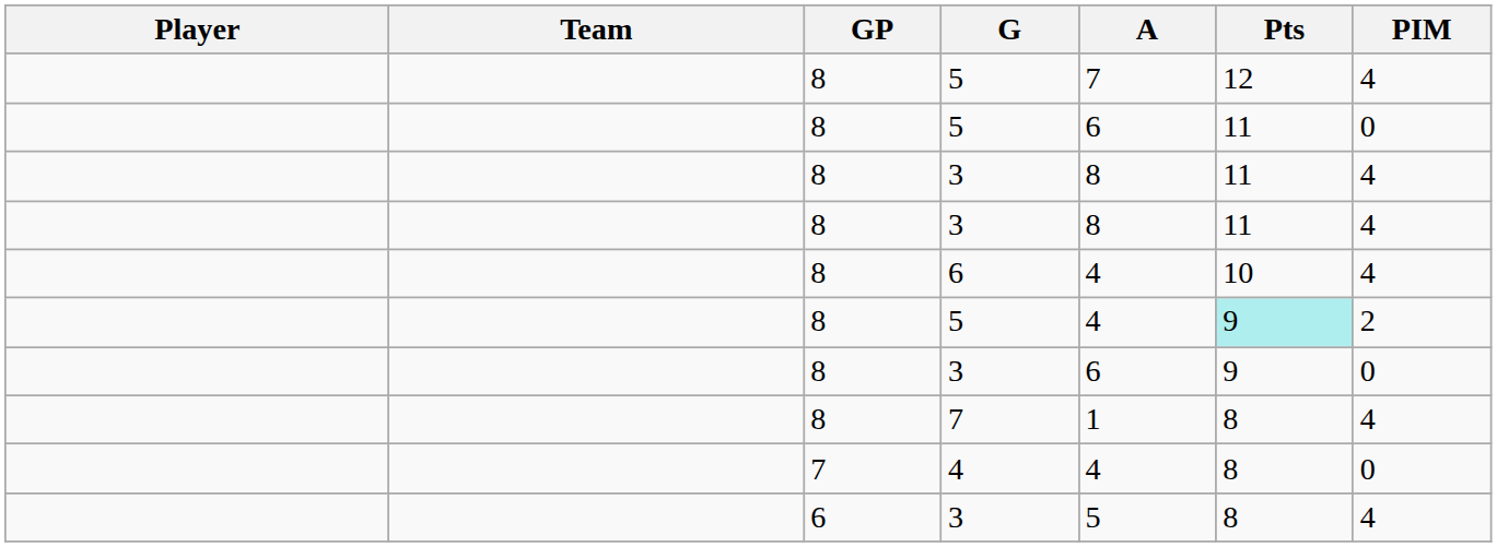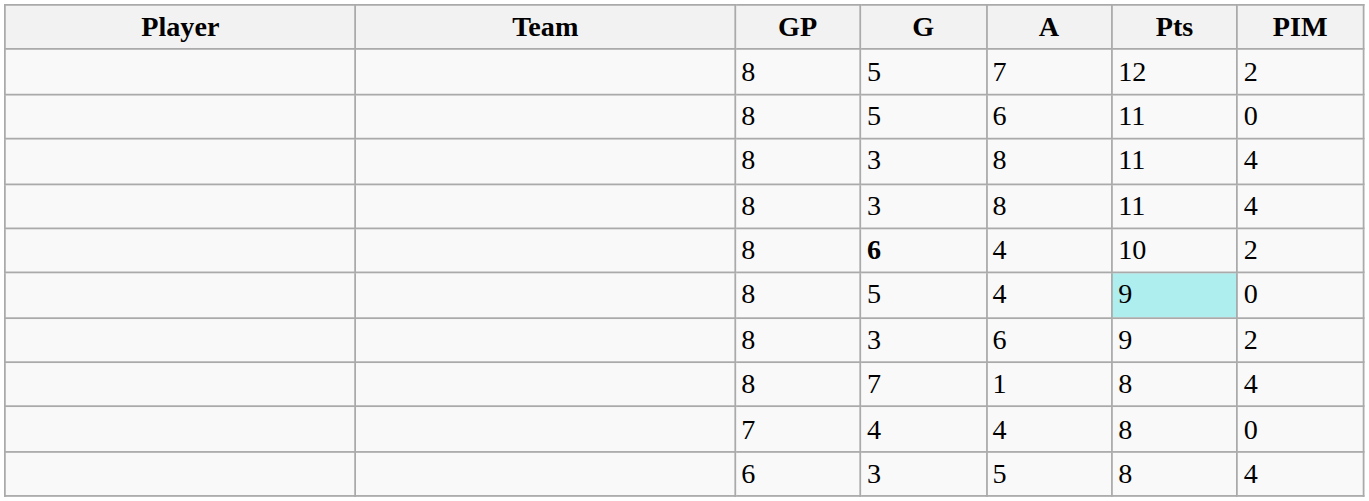 <table class="wikitable sortable">
 <tr>
 <th style="width: 12em;">Player</th>
 <th style="width: 13em;">Team</th>
 <th style="width: 4em;">GP</th>
 <th style="width: 4em;">G</th>
 <th style="width: 4em;">A</th>
 <th style="width: 4em;">Pts</th>
 <th style="width: 4em;">PIM</th>
 </tr>
 <tr>
 <td></td>
 <td></td>
 <td>8</td>
 <td>5</td>
 <td>7</td>
 <td>12</td>
-<td>4</td>
+<td>2</td>
 </tr>
 <tr>
 <td></td>
 <td></td>
 <td>8</td>
 <td>5</td>
 <td>6</td>
 <td>11</td>
 <td>0</td>
 </tr>
 <tr>
 <td></td>
 <td></td>
 <td>8</td>
 <td>3</td>
 <td>8</td>
 <td>11</td>
 <td>4</td>
 </tr>
 <tr>
 <td></td>
 <td></td>
 <td>8</td>
 <td>3</td>
 <td>8</td>
 <td>11</td>
 <td>4</td>
 </tr>
 <tr>
 <td></td>
 <td></td>
 <td>8</td>
-<td>6</td>
+<td><strong>6</strong></td>
 <td>4</td>
 <td>10</td>
-<td>4</td>
+<td>2</td>
 </tr>
 <tr>
 <td></td>
 <td></td>
 <td>8</td>
 <td>5</td>
 <td>4</td>
 <td style="background: paleturquoise;">9</td>
-<td>2</td>
+<td>0</td>
 </tr>
 <tr>
 <td></td>
 <td></td>
 <td>8</td>
 <td>3</td>
 <td>6</td>
 <td>9</td>
-<td>0</td>
+<td>2</td>
 </tr>
 <tr>
 <td></td>
 <td></td>
 <td>8</td>
 <td>7</td>
 <td>1</td>
 <td>8</td>
 <td>4</td>
 </tr>
 <tr>
 <td></td>
 <td></td>
 <td>7</td>
 <td>4</td>
 <td>4</td>
 <td>8</td>
 <td>0</td>
 </tr>
 <tr>
 <td></td>
 <td></td>
 <td>6</td>
 <td>3</td>
 <td>5</td>
 <td>8</td>
 <td>4</td>
 </tr>
 </table>
